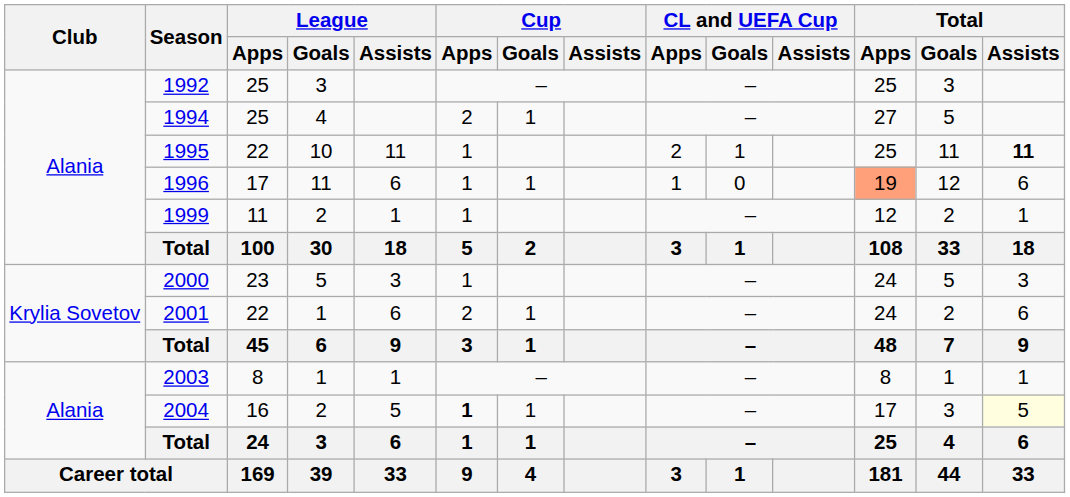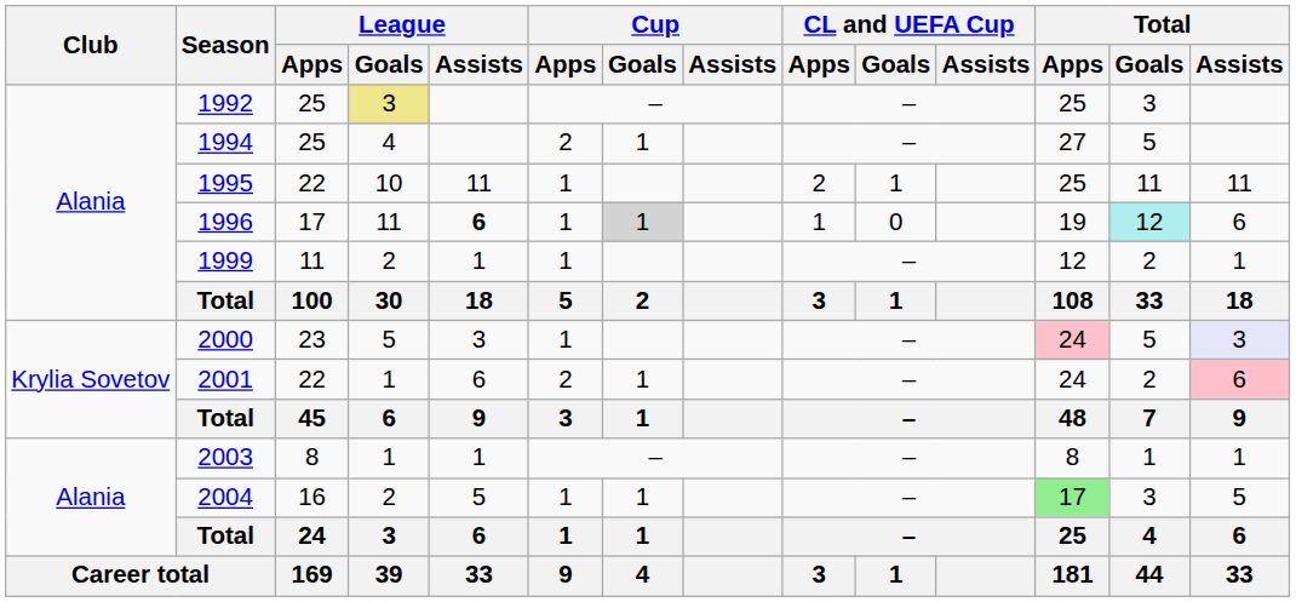 <table class="wikitable" style="font-size:100%; text-align: center">
 <tr>
 <th rowspan="2">Club</th>
 <th rowspan="2">Season</th>
 <th colspan="3"><a href='#'>League</a></th>
 <th colspan="3"><a href='#'>Cup</a></th>
 <th colspan="3"><a href='#'>CL</a> and <a href='#'>UEFA Cup</a></th>
 <th colspan="3">Total</th>
 </tr>
 <tr>
 <th>Apps</th>
 <th>Goals</th>
 <th>Assists</th>
 <th>Apps</th>
 <th>Goals</th>
 <th>Assists</th>
 <th>Apps</th>
 <th>Goals</th>
 <th>Assists</th>
 <th>Apps</th>
 <th>Goals</th>
 <th>Assists</th>
 </tr>
 <tr>
 <td rowspan="6"><a href='#'>Alania</a></td>
 <td><a href='#'>1992</a></td>
 <td>25</td>
-<td>3</td>
+<td style="background: khaki;">3</td>
 <td></td>
 <td colspan=3>–</td>
 <td colspan=3>–</td>
 <td>25</td>
 <td>3</td>
 <td></td>
 </tr>
 <tr>
 <td><a href='#'>1994</a></td>
 <td>25</td>
 <td>4</td>
 <td></td>
 <td>2</td>
 <td>1</td>
 <td></td>
 <td colspan=3>–</td>
 <td>27</td>
 <td>5</td>
 <td></td>
 </tr>
 <tr>
 <td><a href='#'>1995</a></td>
 <td>22</td>
 <td>10</td>
 <td>11</td>
 <td>1</td>
 <td></td>
 <td></td>
 <td>2</td>
 <td>1</td>
 <td></td>
 <td>25</td>
 <td>11</td>
-<td><strong>11</strong></td>
+<td>11</td>
 </tr>
 <tr>
 <td><a href='#'>1996</a></td>
 <td>17</td>
 <td>11</td>
-<td>6</td>
+<td><strong>6</strong></td>
 <td>1</td>
-<td>1</td>
+<td style="background: lightgrey;">1</td>
 <td></td>
 <td>1</td>
 <td>0</td>
 <td></td>
-<td style="background: lightsalmon;">19</td>
-<td>12</td>
+<td>19</td>
+<td style="background: paleturquoise;">12</td>
 <td>6</td>
 </tr>
 <tr>
 <td><a href='#'>1999</a></td>
 <td>11</td>
 <td>2</td>
 <td>1</td>
 <td>1</td>
 <td></td>
 <td></td>
 <td colspan=3>–</td>
 <td>12</td>
 <td>2</td>
 <td>1</td>
 </tr>
 <tr>
 <th>Total</th>
 <th>100</th>
 <th>30</th>
 <th>18</th>
 <th>5</th>
 <th>2</th>
 <th></th>
 <th>3</th>
 <th>1</th>
 <th></th>
 <th>108</th>
 <th>33</th>
 <th>18</th>
 </tr>
 <tr>
 <td rowspan="3"><a href='#'>Krylia Sovetov</a></td>
 <td><a href='#'>2000</a></td>
 <td>23</td>
 <td>5</td>
 <td>3</td>
 <td>1</td>
 <td></td>
 <td></td>
 <td colspan=3>–</td>
-<td>24</td>
+<td style="background: pink;">24</td>
 <td>5</td>
-<td>3</td>
+<td style="background: lavender;">3</td>
 </tr>
 <tr>
 <td><a href='#'>2001</a></td>
 <td>22</td>
 <td>1</td>
 <td>6</td>
 <td>2</td>
 <td>1</td>
 <td></td>
 <td colspan=3>–</td>
 <td>24</td>
 <td>2</td>
-<td>6</td>
+<td style="background: pink;">6</td>
 </tr>
 <tr>
 <th>Total</th>
 <th>45</th>
 <th>6</th>
 <th>9</th>
 <th>3</th>
 <th>1</th>
 <th></th>
 <th colspan=3>–</th>
 <th>48</th>
 <th>7</th>
 <th>9</th>
 </tr>
 <tr>
 <td rowspan="3"><a href='#'>Alania</a></td>
 <td><a href='#'>2003</a></td>
 <td>8</td>
 <td>1</td>
 <td>1</td>
 <td colspan=3>–</td>
 <td colspan=3>–</td>
 <td>8</td>
 <td>1</td>
 <td>1</td>
 </tr>
 <tr>
 <td><a href='#'>2004</a></td>
 <td>16</td>
 <td>2</td>
 <td>5</td>
-<td><strong>1</strong></td>
+<td>1</td>
 <td>1</td>
 <td></td>
 <td colspan=3>–</td>
-<td>17</td>
+<td style="background: lightgreen;">17</td>
 <td>3</td>
-<td style="background: lightyellow;">5</td>
+<td>5</td>
 </tr>
 <tr>
 <th>Total</th>
 <th>24</th>
 <th>3</th>
 <th>6</th>
 <th>1</th>
 <th>1</th>
 <th></th>
 <th colspan=3>–</th>
 <th>25</th>
 <th>4</th>
 <th>6</th>
 </tr>
 <tr>
 <th colspan="2">Career total</th>
 <th>169</th>
 <th>39</th>
 <th>33</th>
 <th>9</th>
 <th>4</th>
 <th></th>
 <th>3</th>
 <th>1</th>
 <th></th>
 <th>181</th>
 <th>44</th>
 <th>33</th>
 </tr>
 </table>
